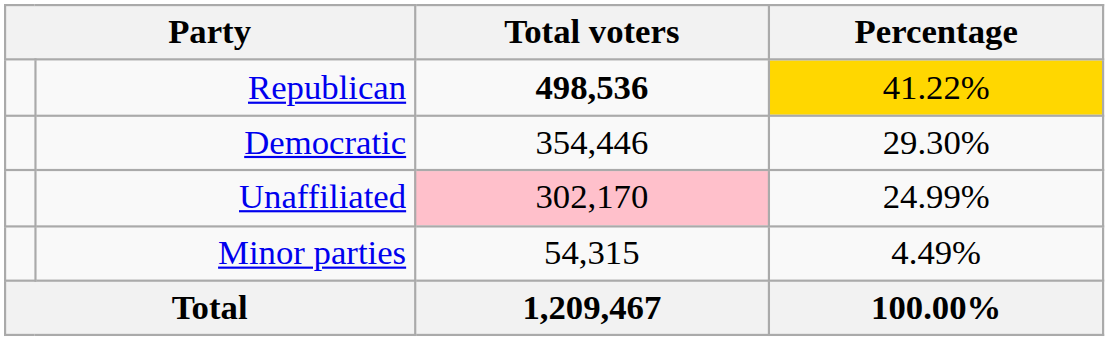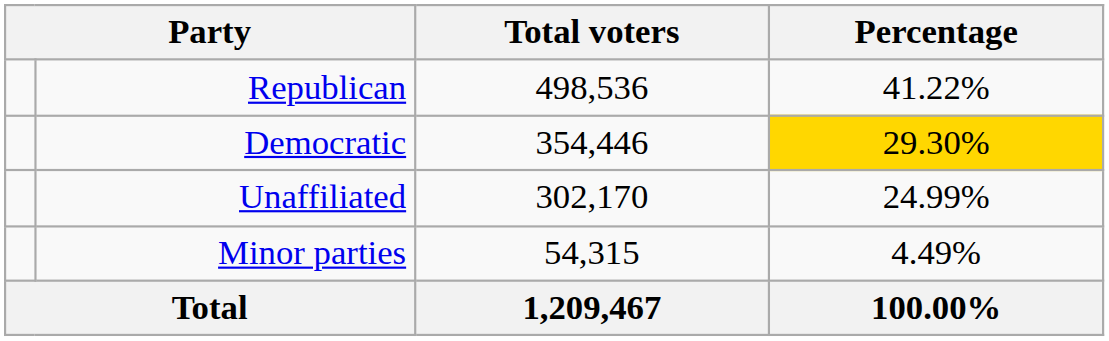 <table class="wikitable sortable floatright" style="text-align: right;" width="32%">
 <tr>
 <th colspan = 2>Party</th>
 <th>Total voters</th>
 <th>Percentage</th>
 </tr>
 <tr>
 <td></td>
 <td><a href='#'>Republican</a></td>
-<td align=center><strong>498,536</strong></td>
-<td align=center style="background: gold;">41.22%</td>
+<td align=center>498,536</td>
+<td align=center>41.22%</td>
 </tr>
 <tr>
 <td></td>
 <td><a href='#'>Democratic</a></td>
 <td align=center>354,446</td>
-<td align=center>29.30%</td>
+<td align=center style="background: gold;">29.30%</td>
 </tr>
 <tr>
 <td></td>
 <td><a href='#'>Unaffiliated</a></td>
-<td align=center style="background: pink;">302,170</td>
+<td align=center>302,170</td>
 <td align=center>24.99%</td>
 </tr>
 <tr>
 <td></td>
 <td><a href='#'>Minor parties</a></td>
 <td align=center>54,315</td>
 <td align=center>4.49%</td>
 </tr>
 <tr>
 <th colspan = 2>Total</th>
 <th align=center>1,209,467</th>
 <th align=center>100.00%</th>
 </tr>
 </table>
